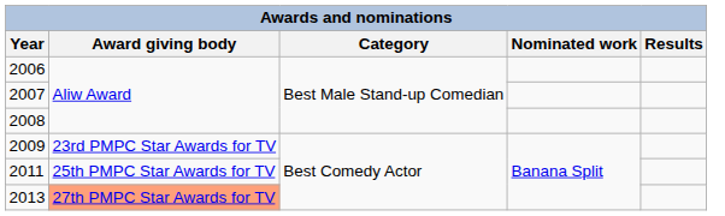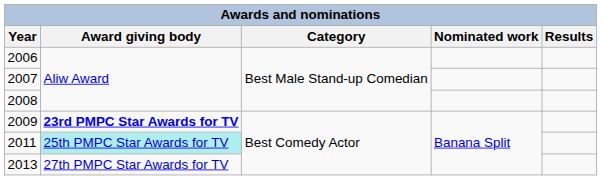 <table class="wikitable">
 <tr>
 <th colspan="5" style="background:LightSteelBlue;">Awards and nominations</th>
 </tr>
 <tr>
 <th>Year</th>
 <th>Award giving body</th>
 <th>Category</th>
 <th>Nominated work</th>
 <th>Results</th>
 </tr>
 <tr>
 <td>2006</td>
 <td rowspan=3><a href='#'>Aliw Award</a></td>
 <td rowspan=3>Best Male Stand-up Comedian</td>
 <td></td>
 <td></td>
 </tr>
 <tr>
 <td>2007</td>
 <td></td>
 <td></td>
 </tr>
 <tr>
 <td>2008</td>
 <td></td>
 <td></td>
 </tr>
 <tr>
 <td>2009</td>
-<td><a href='#'>23rd PMPC Star Awards for TV</a></td>
+<td><strong><a href='#'>23rd PMPC Star Awards for TV</a></strong></td>
 <td rowspan=3>Best Comedy Actor</td>
 <td rowspan=3><a href='#'>Banana Split</a></td>
 <td></td>
 </tr>
 <tr>
 <td>2011</td>
-<td><a href='#'>25th PMPC Star Awards for TV</a></td>
+<td style="background: paleturquoise;"><a href='#'>25th PMPC Star Awards for TV</a></td>
 <td></td>
 </tr>
 <tr>
 <td>2013</td>
-<td style="background: lightsalmon;"><a href='#'>27th PMPC Star Awards for TV</a></td>
+<td><a href='#'>27th PMPC Star Awards for TV</a></td>
 <td></td>
 </tr>
 </table>
